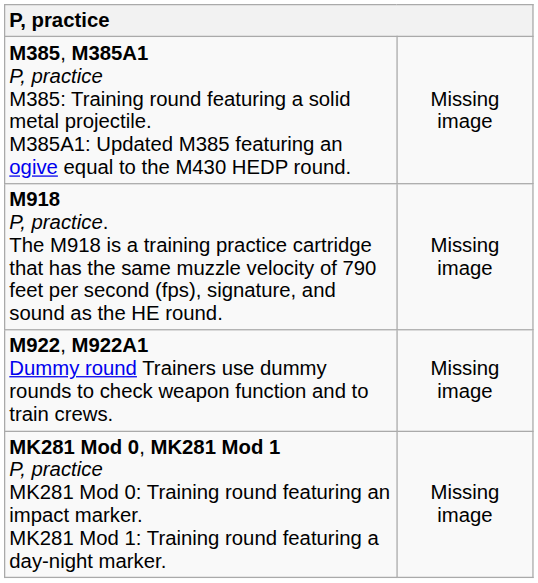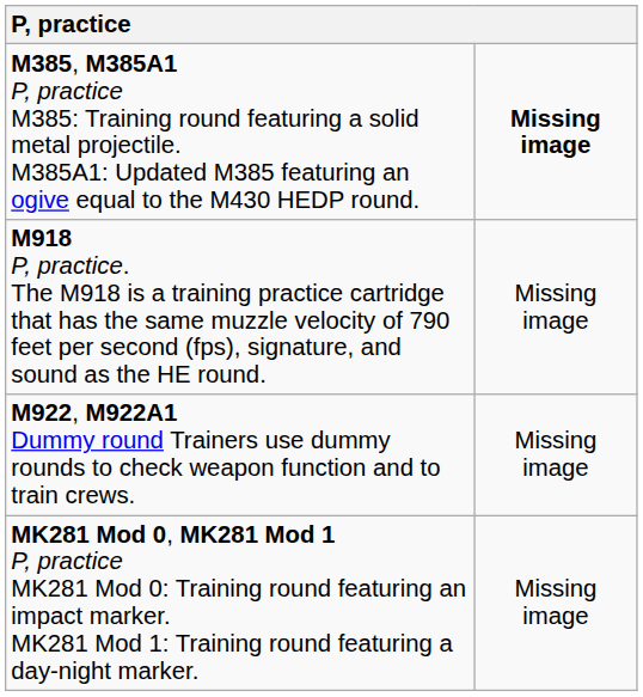 <table class="wikitable mw-collapsible mw-collapsed" style="width: 33%;">
 <tr>
 <th colspan="2" style="text-align: left;">P, practice</th>
 </tr>
 <tr>
 <td><strong>M385</strong>, <strong>M385A1</strong><br><em>P, practice</em><br>M385: Training round featuring a solid metal projectile.<br>M385A1: Updated M385 featuring an <a href='#'>ogive</a> equal to the M430 HEDP round.</td>
-<td style="text-align: center; vertical-align: center;">Missing image</td>
+<td style="text-align: center; vertical-align: center;"><strong>Missing image</strong></td>
 </tr>
 <tr>
 <td><strong>M918</strong><br><em>P, practice</em>.<br>The M918 is a training practice cartridge that has the same muzzle velocity of 790 feet per second (fps), signature, and sound as the HE round.</td>
 <td style="text-align: center; vertical-align: center;">Missing image</td>
 </tr>
 <tr>
 <td><strong>M922</strong>, <strong>M922A1</strong><br><a href='#'>Dummy round</a> Trainers use dummy rounds to check weapon function and to train crews.</td>
 <td style="text-align: center; vertical-align: center;">Missing image</td>
 </tr>
 <tr>
 <td><strong>MK281 Mod 0</strong>, <strong>MK281 Mod 1</strong><br><em>P, practice</em><br>MK281 Mod 0: Training round featuring an impact marker.<br>MK281 Mod 1: Training round featuring a day-night marker.</td>
 <td style="width: 100px; text-align: center; vertical-align: center;">Missing image</td>
 </tr>
 </table>
